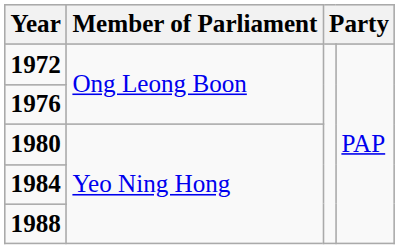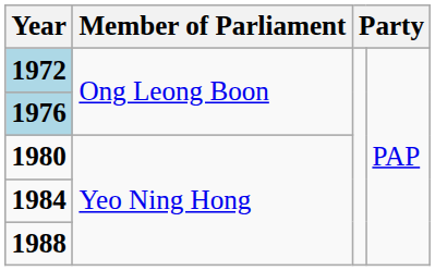 <table class="wikitable">
 <tr>
 <th>Year</th>
 <th>Member of Parliament</th>
 <th colspan="2">Party</th>
 </tr>
 <tr>
-<td><strong>1972</strong></td>
+<td style="background: lightblue;"><strong>1972</strong></td>
 <td rowspan="2"><a href='#'>Ong Leong Boon</a></td>
 <td rowspan="5"></td>
 <td rowspan="5"><a href='#'>PAP</a></td>
 </tr>
 <tr>
-<td><strong>1976</strong></td>
+<td style="background: lightblue;"><strong>1976</strong></td>
 </tr>
 <tr>
 <td><strong>1980</strong></td>
 <td rowspan="3"><a href='#'>Yeo Ning Hong</a></td>
 </tr>
 <tr>
 <td><strong>1984</strong></td>
 </tr>
 <tr>
 <td><strong>1988</strong></td>
 </tr>
 </table>
